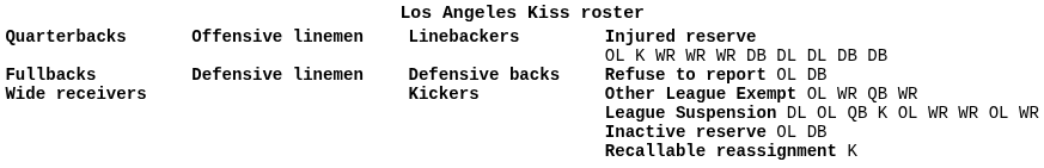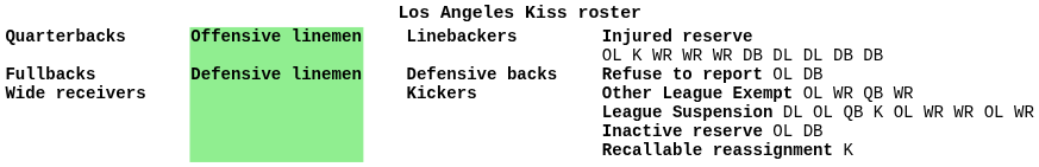 <table class="toccolours" style="text-align: left;">
 <tr>
 <th colspan=7 style="text-align:center; ">Los Angeles Kiss roster</th>
 </tr>
 <tr>
 <td style="font-size: 95%;vertical-align:top;"><strong>Quarterbacks</strong><br> <br><strong>Fullbacks</strong> <br><strong>Wide receivers</strong>       </td>
 <td style="width: 25px;"></td>
-<td style="font-size: 95%;vertical-align:top;"><strong>Offensive linemen</strong><br>   <br><strong>Defensive linemen</strong>     </td>
+<td style="background: lightgreen; font-size: 95%;vertical-align:top;"><strong>Offensive linemen</strong><br>   <br><strong>Defensive linemen</strong>     </td>
 <td style="width: 25px;"></td>
 <td style="font-size: 95%;vertical-align:top;"><strong>Linebackers</strong><br><br><strong>Defensive backs</strong>     <br><strong>Kickers</strong>  </td>
 <td style="width: 25px;"></td>
 <td style="font-size: 95%;vertical-align:top;"><strong>Injured reserve</strong><br> OL  K  WR  WR  WR  DB  DL  DL  DB  DB<br><strong>Refuse to report</strong>  OL  DB<br><strong>Other League Exempt</strong>  OL  WR  QB  WR<br><strong>League Suspension</strong>  DL  OL  QB  K  OL  WR  WR  OL  WR<br><strong>Inactive reserve</strong>  OL  DB<br><strong>Recallable reassignment</strong>  K </td>
 </tr>
 <tr>
 </tr>
 </table>
